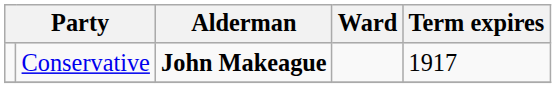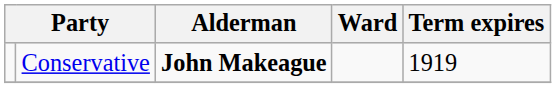 <table class="wikitable">
 <tr>
 <th colspan="2">Party</th>
 <th>Alderman</th>
 <th>Ward</th>
 <th>Term expires</th>
 </tr>
 <tr>
 <td style="background-color:"></td>
 <td><a href='#'>Conservative</a></td>
 <td><strong>John Makeague</strong></td>
 <td><strong> </strong></td>
-<td>1917</td>
+<td>1919</td>
 </tr>
 <tr>
 </tr>
 </table>
